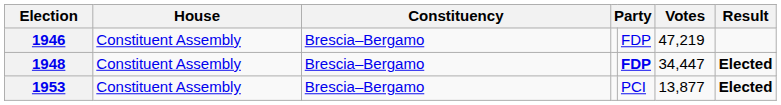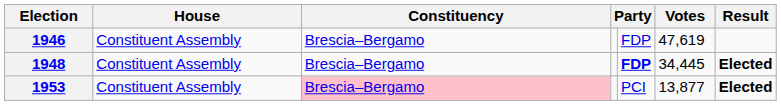 <table class=wikitable style="width:65%; border:1px #AAAAFF solid">
 <tr>
 <th width=12%>Election</th>
 <th width=30%>House</th>
 <th width=45%>Constituency</th>
 <th width=5% colspan="2">Party</th>
 <th width=12%>Votes</th>
 <th width=12%>Result</th>
 </tr>
 <tr>
 <th><a href='#'>1946</a></th>
 <td><a href='#'>Constituent Assembly</a></td>
 <td><a href='#'>Brescia–Bergamo</a></td>
 <td></td>
 <td><a href='#'>FDP</a></td>
-<td>47,219</td>
+<td>47,619</td>
 <td></td>
 </tr>
 <tr>
 <th><a href='#'>1948</a></th>
 <td><a href='#'>Constituent Assembly</a></td>
 <td><a href='#'>Brescia–Bergamo</a></td>
 <td></td>
 <td><strong><a href='#'>FDP</a></strong></td>
-<td>34,447</td>
+<td>34,445</td>
 <td> <strong>Elected</strong></td>
 </tr>
 <tr>
 <th><a href='#'>1953</a></th>
 <td><a href='#'>Constituent Assembly</a></td>
-<td><a href='#'>Brescia–Bergamo</a></td>
+<td style="background: pink;"><a href='#'>Brescia–Bergamo</a></td>
 <td></td>
 <td><a href='#'>PCI</a></td>
 <td>13,877</td>
 <td> <strong>Elected</strong></td>
 </tr>
 </table>
